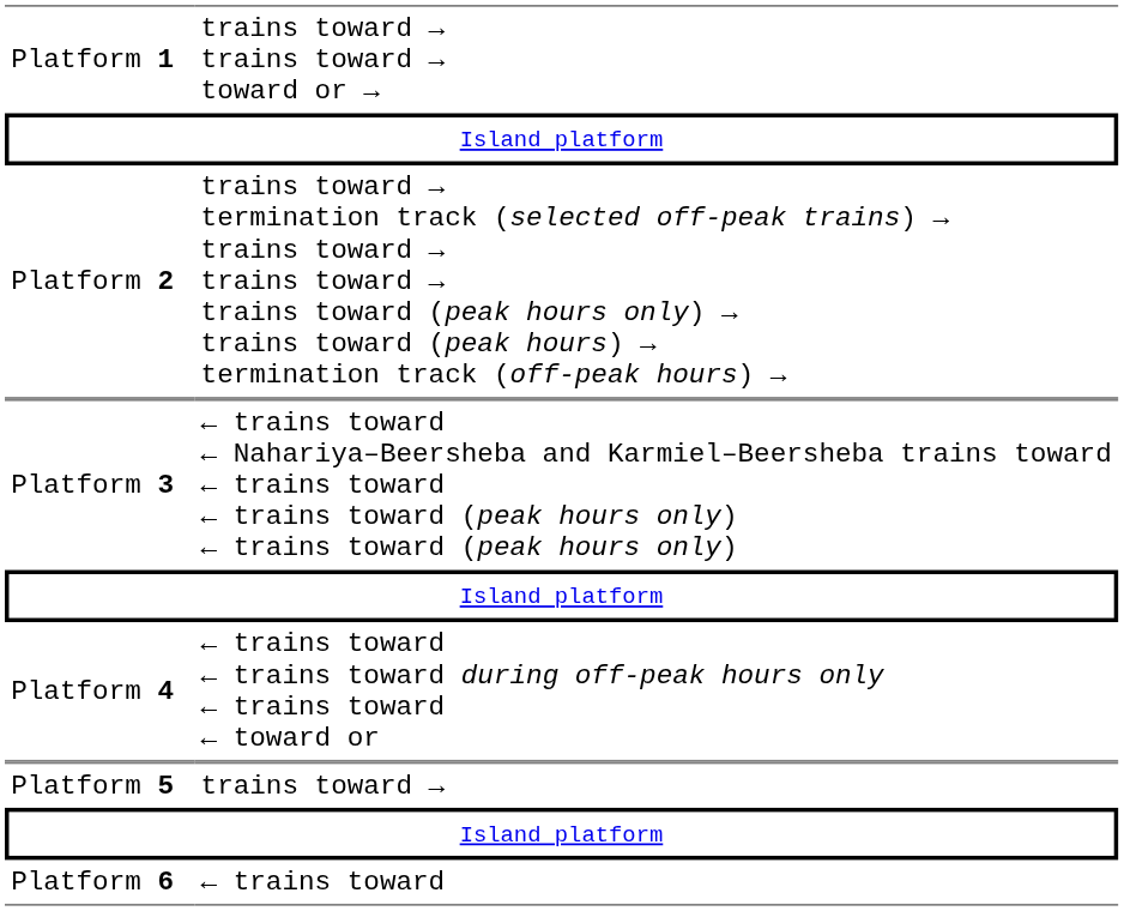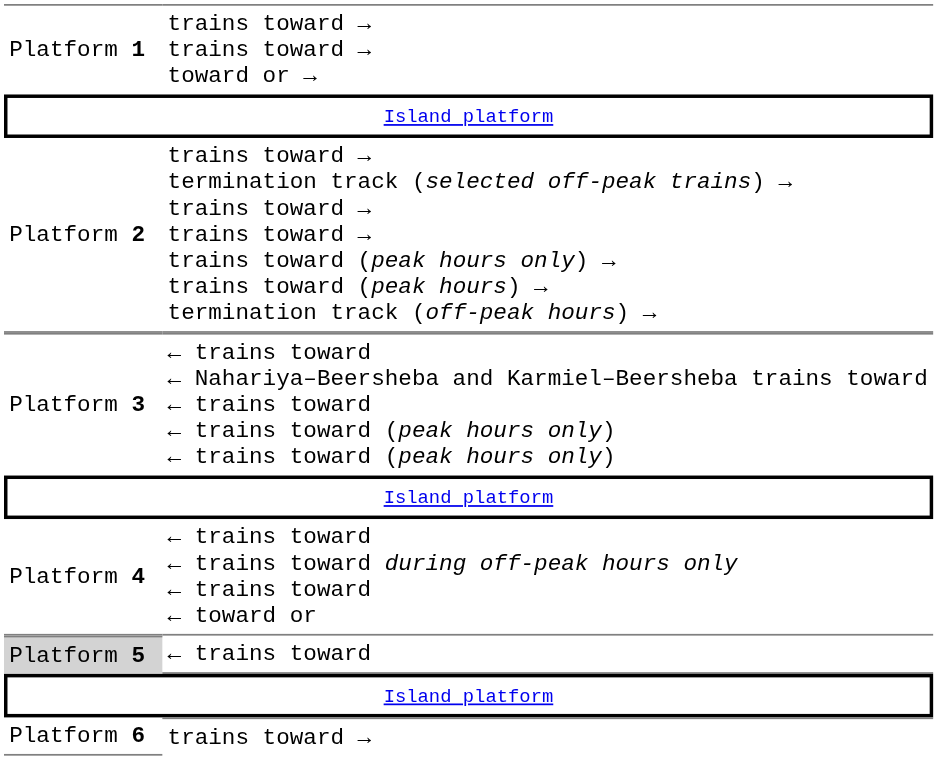 <table border=0 cellspacing=0 cellpadding=3>
 <tr>
 <td style="border-top:solid 1px gray;" width=85>Platform <strong>1</strong></td>
 <td style="border-top:solid 1px gray;">  trains toward   →<br>  trains toward   →<br>  toward  or   →</td>
 </tr>
 <tr>
 <td style="border-top:solid 2px black;border-right:solid 2px black;border-left:solid 2px black;border-bottom:solid 2px black;text-align:center;" colspan=2><small><a href='#'>Island platform</a></small></td>
 </tr>
 <tr>
 <td style="border-bottom:solid 1px gray;">Platform <strong>2</strong></td>
 <td style="border-bottom:solid 1px gray;">  trains toward   →<br>  termination track (<em>selected off-peak trains</em>) →<br>  trains toward   →<br>  trains toward   →<br>  trains toward   (<em>peak hours only</em>) →<br>  trains toward   (<em>peak hours</em>) →<br>  termination track (<em>off-peak hours</em>) →</td>
 </tr>
 <tr>
 <td style="border-top:solid 1px gray;">Platform <strong>3</strong></td>
 <td style="border-top:solid 1px gray;">←  trains toward  <br>←   Nahariya–Beersheba and Karmiel–Beersheba trains toward  <br>←  trains toward  <br>←  trains toward   (<em>peak hours only</em>)<br>←  trains toward   (<em>peak hours only</em>)</td>
 </tr>
 <tr>
 <td style="border-top:solid 2px black;border-right:solid 2px black;border-left:solid 2px black;border-bottom:solid 2px black;text-align:center;" colspan=2><small><a href='#'>Island platform</a></small></td>
 </tr>
 <tr>
 <td style="border-bottom:solid 1px gray;">Platform <strong>4</strong></td>
 <td style="border-bottom:solid 1px gray;">←  trains toward  <br>←  trains toward   <em>during off-peak hours only</em><br>←  trains toward  <br>←  toward  or  </td>
 </tr>
 <tr>
-<td style="border-top:solid 1px gray;">Platform <strong>5</strong></td>
-<td style="border-top:solid 1px gray;">  trains toward   →</td>
+<td style="background: lightgrey; border-top:solid 1px gray;">Platform <strong>5</strong></td>
+<td style="border-bottom:solid 1px gray;">←  trains toward  </td>
 </tr>
 <tr>
 <td style="border-top:solid 2px black;border-right:solid 2px black;border-left:solid 2px black;border-bottom:solid 2px black;text-align:center;" colspan=2><small><a href='#'>Island platform</a></small></td>
 </tr>
 <tr>
 <td style="border-bottom:solid 1px gray;">Platform <strong>6</strong></td>
-<td style="border-bottom:solid 1px gray;">←  trains toward  </td>
+<td style="border-top:solid 1px gray;">  trains toward   →</td>
 </tr>
 </table>
